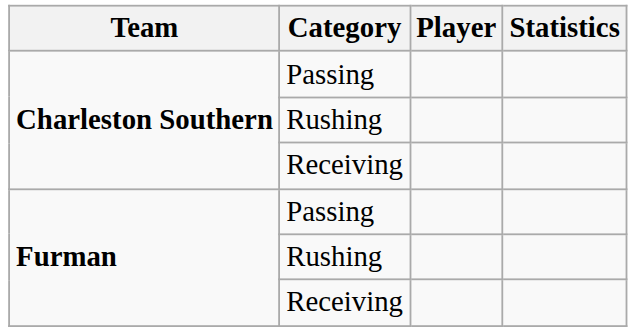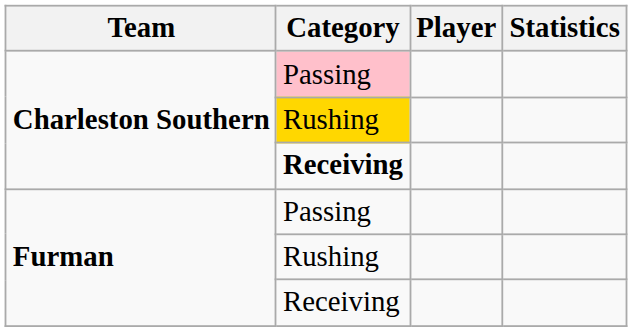 <table class="wikitable" style="float: right;">
 <tr>
 <th>Team</th>
 <th>Category</th>
 <th>Player</th>
 <th>Statistics</th>
 </tr>
 <tr>
 <td rowspan=3><strong>Charleston Southern</strong></td>
-<td>Passing</td>
+<td style="background: pink;">Passing</td>
 <td></td>
 <td></td>
 </tr>
 <tr>
-<td>Rushing</td>
+<td style="background: gold;">Rushing</td>
 <td></td>
 <td></td>
 </tr>
 <tr>
-<td>Receiving</td>
+<td><strong>Receiving</strong></td>
 <td></td>
 <td></td>
 </tr>
 <tr>
 <td rowspan=3><strong>Furman</strong></td>
 <td>Passing</td>
 <td></td>
 <td></td>
 </tr>
 <tr>
 <td>Rushing</td>
 <td></td>
 <td></td>
 </tr>
 <tr>
 <td>Receiving</td>
 <td></td>
 <td></td>
 </tr>
 </table>
